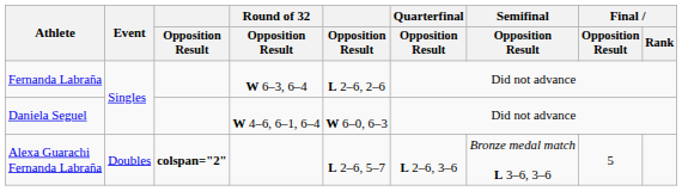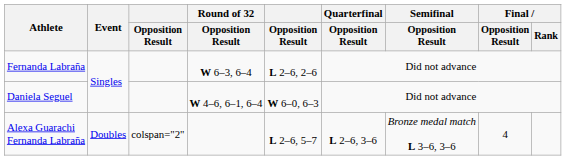 <table class=wikitable style=font-size:90%;text-align:center>
 <tr>
 <th rowspan=2>Athlete</th>
 <th rowspan=2>Event</th>
 <th></th>
 <th>Round of 32</th>
 <th></th>
 <th>Quarterfinal</th>
 <th>Semifinal</th>
 <th colspan=2>Final / </th>
 </tr>
 <tr style=font-size:95%>
 <th>Opposition<br>Result</th>
 <th>Opposition<br>Result</th>
 <th>Opposition<br>Result</th>
 <th>Opposition<br>Result</th>
 <th>Opposition<br>Result</th>
 <th>Opposition<br>Result</th>
 <th>Rank</th>
 </tr>
 <tr>
 <td style="text-align:left"><a href='#'>Fernanda Labraña</a></td>
 <td style="text-align:left" rowspan=2><a href='#'>Singles</a></td>
 <td></td>
 <td><br><strong>W</strong> 6–3, 6–4</td>
 <td><br><strong>L</strong> 2–6, 2–6</td>
 <td colspan=4>Did not advance</td>
 </tr>
 <tr>
 <td style="text-align:left"><a href='#'>Daniela Seguel</a></td>
 <td></td>
 <td><br><strong>W</strong> 4–6, 6–1, 6–4</td>
 <td><br><strong>W</strong> 6–0, 6–3</td>
 <td colspan=4>Did not advance</td>
 </tr>
 <tr>
 <td style="text-align:left"><a href='#'>Alexa Guarachi</a><br><a href='#'>Fernanda Labraña</a></td>
 <td style="text-align:left"><a href='#'>Doubles</a></td>
-<td><strong>colspan="2" </strong></td>
+<td>colspan="2" </td>
 <td></td>
 <td><br><strong>L</strong> 2–6, 5–7</td>
 <td><br><strong>L</strong> 2–6, 3–6</td>
 <td><em>Bronze medal match</em><br><br><strong>L</strong> 3–6, 3–6</td>
-<td>5</td>
+<td>4</td>
 </tr>
 </table>
